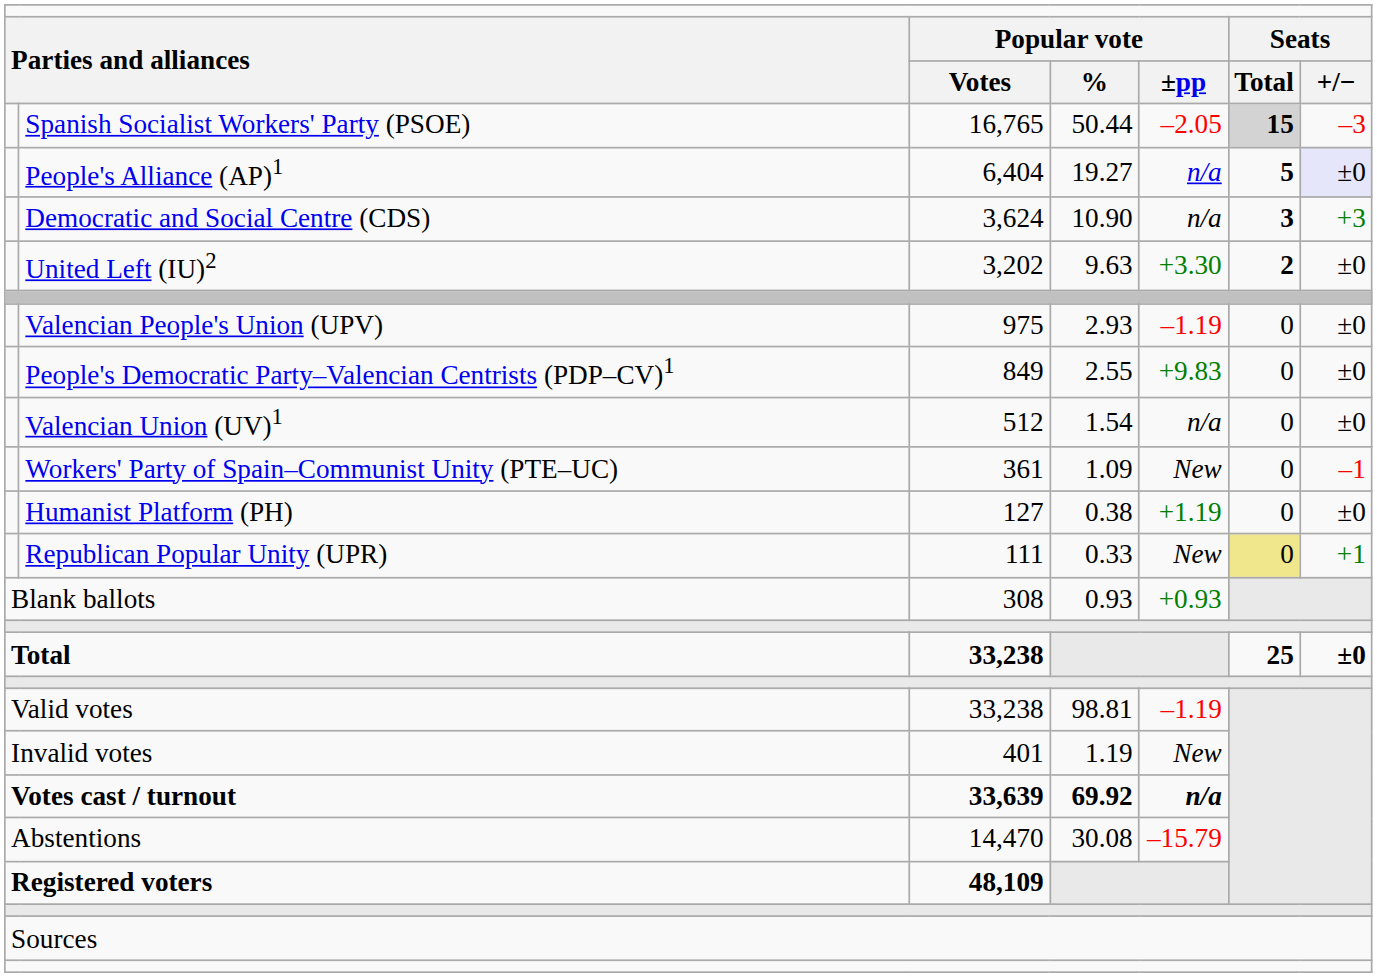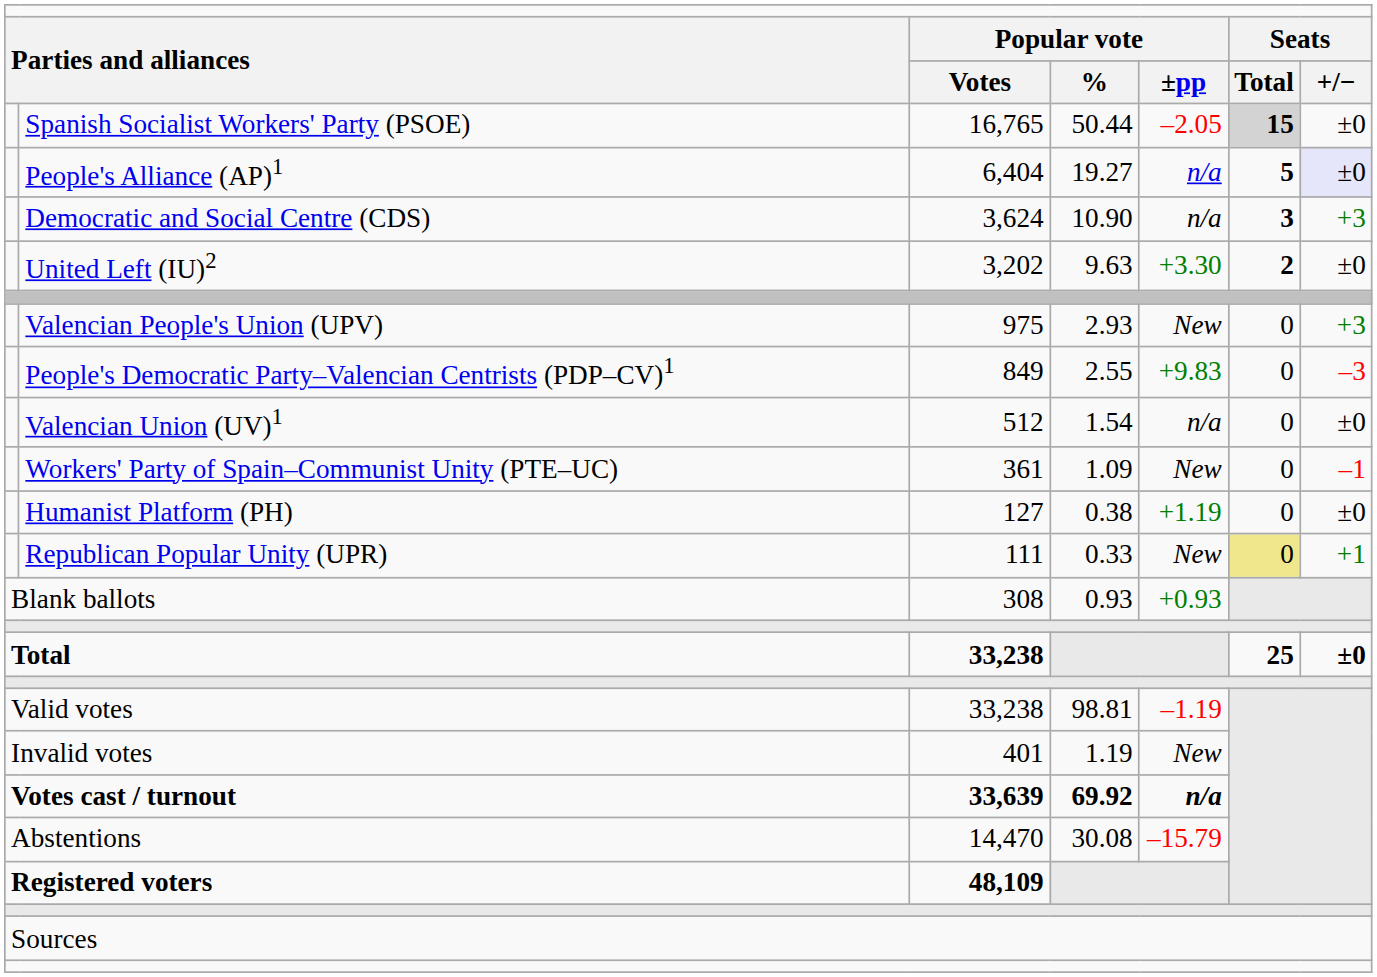 <table class="wikitable" style="text-align:right;">
 <tr>
 <td colspan="7"></td>
 </tr>
 <tr>
 <th style="text-align:left;" rowspan="2" colspan="2" width="525">Parties and alliances</th>
 <th colspan="3">Popular vote</th>
 <th colspan="2">Seats</th>
 </tr>
 <tr>
 <th width="75">Votes</th>
 <th width="45">%</th>
 <th width="45">±<a href='#'>pp</a></th>
 <th width="35">Total</th>
 <th width="35">+/−</th>
 </tr>
 <tr>
 <td width="1" style="color:inherit;background:"></td>
 <td align="left"><a href='#'>Spanish Socialist Workers' Party</a> (PSOE)</td>
 <td>16,765</td>
 <td>50.44</td>
 <td style="color:red;">–2.05</td>
 <td style="background: lightgrey;"><strong>15</strong></td>
-<td style="color:red;">–3</td>
+<td>±0</td>
 </tr>
 <tr>
 <td style="color:inherit;background:"></td>
 <td align="left"><a href='#'>People's Alliance</a> (AP)<sup>1</sup></td>
 <td>6,404</td>
 <td>19.27</td>
 <td><em><a href='#'>n/a</a></em></td>
 <td><strong>5</strong></td>
 <td style="background: lavender;">±0</td>
 </tr>
 <tr>
 <td style="color:inherit;background:"></td>
 <td align="left"><a href='#'>Democratic and Social Centre</a> (CDS)</td>
 <td>3,624</td>
 <td>10.90</td>
 <td><em>n/a</em></td>
 <td><strong>3</strong></td>
 <td style="color:green;">+3</td>
 </tr>
 <tr>
 <td style="color:inherit;background:"></td>
 <td align="left"><a href='#'>United Left</a> (IU)<sup>2</sup></td>
 <td>3,202</td>
 <td>9.63</td>
 <td style="color:green;">+3.30</td>
 <td><strong>2</strong></td>
 <td>±0</td>
 </tr>
 <tr>
 <td colspan="7" bgcolor="#C0C0C0"></td>
 </tr>
 <tr>
 <td style="color:inherit;background:"></td>
 <td align="left"><a href='#'>Valencian People's Union</a> (UPV)</td>
 <td>975</td>
 <td>2.93</td>
-<td style="color:red;">–1.19</td>
+<td><em>New</em></td>
 <td>0</td>
-<td>±0</td>
+<td style="color:green;">+3</td>
 </tr>
 <tr>
 <td style="color:inherit;background:"></td>
 <td align="left"><a href='#'>People's Democratic Party–Valencian Centrists</a> (PDP–CV)<sup>1</sup></td>
 <td>849</td>
 <td>2.55</td>
 <td style="color:green;">+9.83</td>
 <td>0</td>
-<td>±0</td>
+<td style="color:red;">–3</td>
 </tr>
 <tr>
 <td style="color:inherit;background:"></td>
 <td align="left"><a href='#'>Valencian Union</a> (UV)<sup>1</sup></td>
 <td>512</td>
 <td>1.54</td>
 <td><em>n/a</em></td>
 <td>0</td>
 <td>±0</td>
 </tr>
 <tr>
 <td style="color:inherit;background:"></td>
 <td align="left"><a href='#'>Workers' Party of Spain–Communist Unity</a> (PTE–UC)</td>
 <td>361</td>
 <td>1.09</td>
 <td><em>New</em></td>
 <td>0</td>
 <td style="color:red;">–1</td>
 </tr>
 <tr>
 <td style="color:inherit;background:"></td>
 <td align="left"><a href='#'>Humanist Platform</a> (PH)</td>
 <td>127</td>
 <td>0.38</td>
 <td style="color:green;">+1.19</td>
 <td>0</td>
 <td>±0</td>
 </tr>
 <tr>
 <td style="color:inherit;background:"></td>
 <td align="left"><a href='#'>Republican Popular Unity</a> (UPR)</td>
 <td>111</td>
 <td>0.33</td>
 <td><em>New</em></td>
 <td style="background: khaki;">0</td>
 <td style="color:green;">+1</td>
 </tr>
 <tr>
 <td align="left" colspan="2">Blank ballots</td>
 <td>308</td>
 <td>0.93</td>
 <td style="color:green;">+0.93</td>
 <td bgcolor="#E9E9E9" colspan="2"></td>
 </tr>
 <tr>
 <td colspan="7" bgcolor="#E9E9E9"></td>
 </tr>
 <tr style="font-weight:bold;">
 <td align="left" colspan="2">Total</td>
 <td>33,238</td>
 <td bgcolor="#E9E9E9" colspan="2"></td>
 <td>25</td>
 <td>±0</td>
 </tr>
 <tr>
 <td colspan="7" bgcolor="#E9E9E9"></td>
 </tr>
 <tr>
 <td align="left" colspan="2">Valid votes</td>
 <td>33,238</td>
 <td>98.81</td>
 <td style="color:red;">–1.19</td>
 <td bgcolor="#E9E9E9" colspan="2" rowspan="5"></td>
 </tr>
 <tr>
 <td align="left" colspan="2">Invalid votes</td>
 <td>401</td>
 <td>1.19</td>
 <td><em>New</em></td>
 </tr>
 <tr style="font-weight:bold;">
 <td align="left" colspan="2">Votes cast / turnout</td>
 <td>33,639</td>
 <td>69.92</td>
 <td><em>n/a</em></td>
 </tr>
 <tr>
 <td align="left" colspan="2">Abstentions</td>
 <td>14,470</td>
 <td>30.08</td>
 <td style="color:red;">–15.79</td>
 </tr>
 <tr style="font-weight:bold;">
 <td align="left" colspan="2">Registered voters</td>
 <td>48,109</td>
 <td bgcolor="#E9E9E9" colspan="2"></td>
 </tr>
 <tr>
 <td colspan="7" bgcolor="#E9E9E9"></td>
 </tr>
 <tr>
 <td align="left" colspan="7">Sources</td>
 </tr>
 <tr>
 <td colspan="7" style="text-align:left; max-width:790px;"></td>
 </tr>
 </table>
